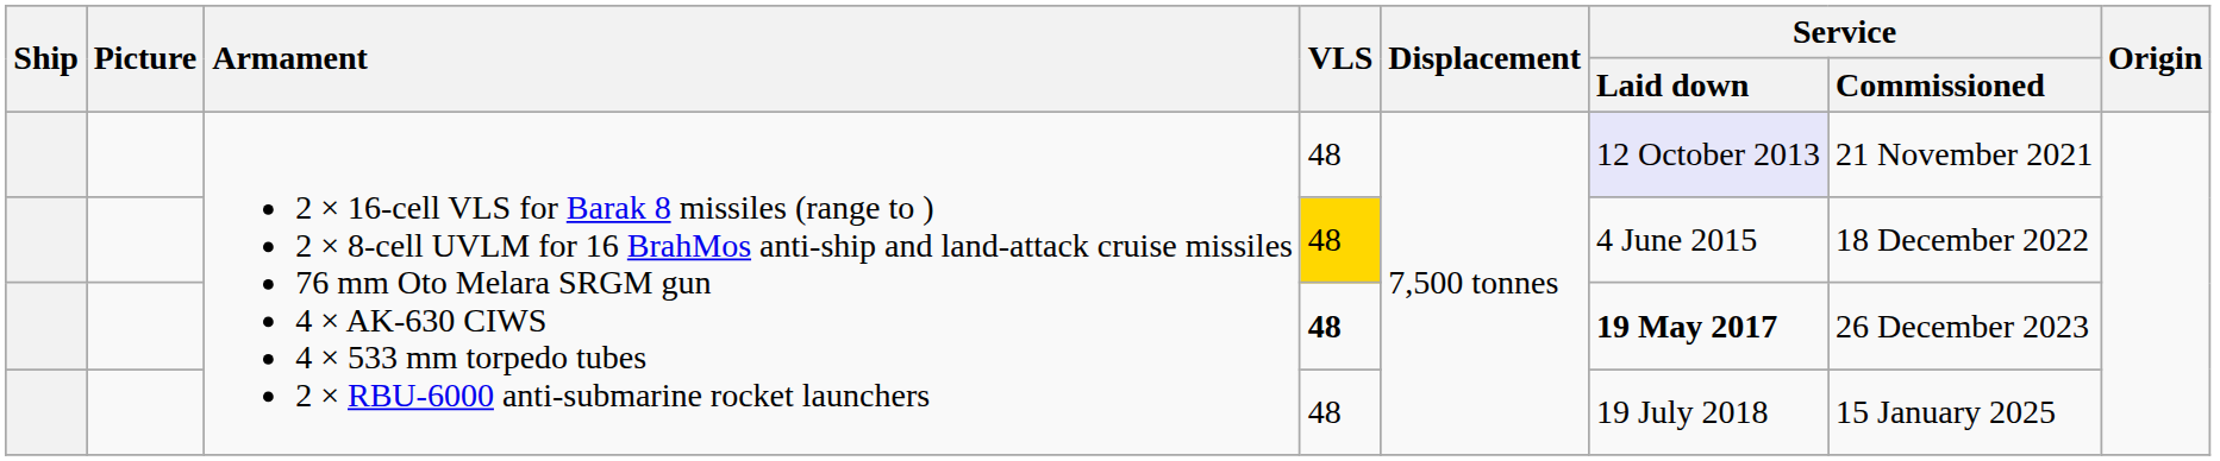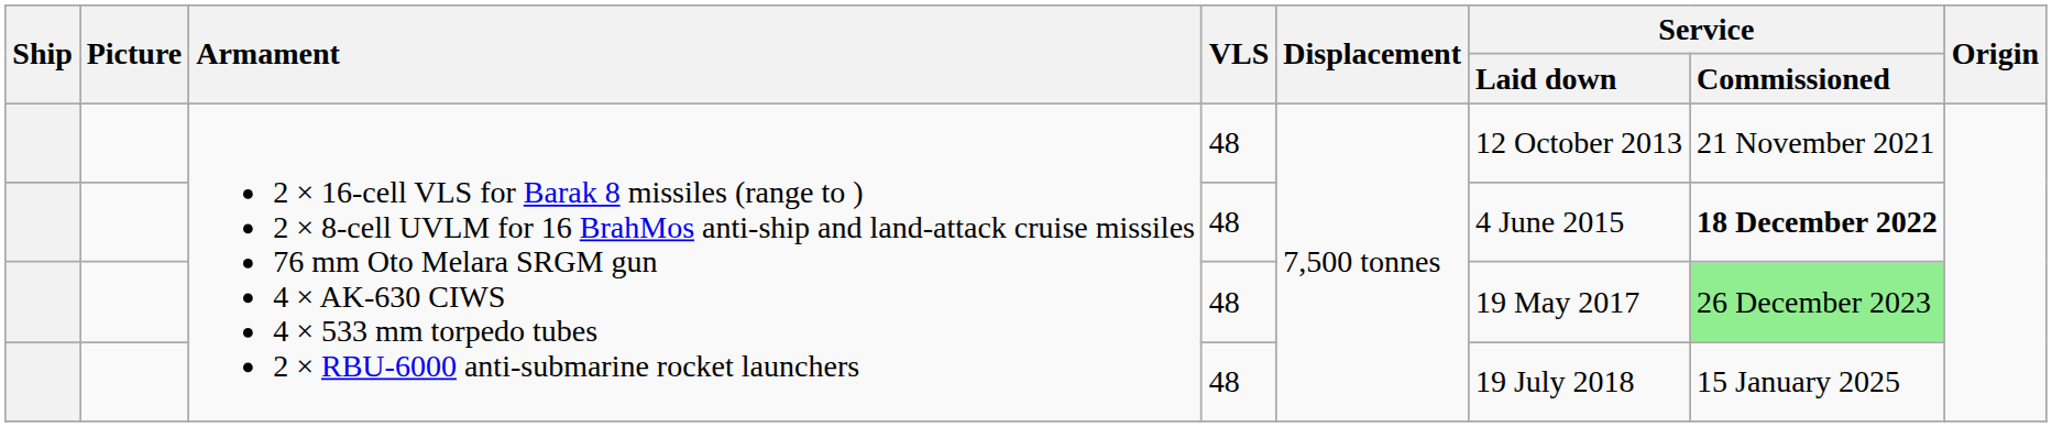 <table class="wikitable">
 <tr>
 <th align= center scope=col rowspan=2 style="text-align:left; ">Ship</th>
 <th align= center scope=col rowspan=2 style="text-align:left; ">Picture</th>
 <th align= center scope=col rowspan=2 style="text-align:left; ">Armament</th>
 <th rowspan="2">VLS</th>
 <th rowspan="2" align="center" scope="col" style="text-align:left; ">Displacement</th>
 <th align= center scope=col colspan=2 style="text-align:center; ">Service</th>
 <th align= center scope=col rowspan=2 style="text-align:left; ">Origin</th>
 </tr>
 <tr>
 <th align= center scope=col style="text-align:left; ">Laid down</th>
 <th align= center scope=col style="text-align:left; ">Commissioned</th>
 </tr>
 <tr>
 <th scope="row"></th>
 <td></td>
 <td rowspan=4><br><ul><li>2 × 16-cell VLS for <a href='#'>Barak 8</a> missiles (range  to )</li><li>2 × 8-cell UVLM for 16 <a href='#'>BrahMos</a> anti-ship and land-attack cruise missiles</li><li>76 mm Oto Melara SRGM gun</li><li>4 × AK-630 CIWS</li><li>4 × 533 mm torpedo tubes</li><li>2 × <a href='#'>RBU-6000</a> anti-submarine rocket launchers</li></ul></td>
 <td>48</td>
 <td rowspan="4">7,500 tonnes</td>
-<td style="background: lavender;">12 October 2013</td>
+<td>12 October 2013</td>
 <td>21 November 2021</td>
 <td rowspan=4></td>
 </tr>
 <tr>
 <th scope="row"></th>
 <td></td>
-<td style="background: gold;">48</td>
+<td>48</td>
 <td>4 June 2015</td>
-<td>18 December 2022</td>
+<td><strong>18 December 2022</strong></td>
 </tr>
 <tr>
 <th scope="row"></th>
 <td></td>
-<td><strong>48</strong></td>
-<td><strong>19 May 2017</strong></td>
-<td>26 December 2023</td>
+<td>48</td>
+<td>19 May 2017</td>
+<td style="background: lightgreen;">26 December 2023</td>
 </tr>
 <tr>
 <th scope="row"></th>
 <td></td>
 <td>48</td>
 <td>19 July 2018</td>
 <td>15 January 2025</td>
 </tr>
 </table>
